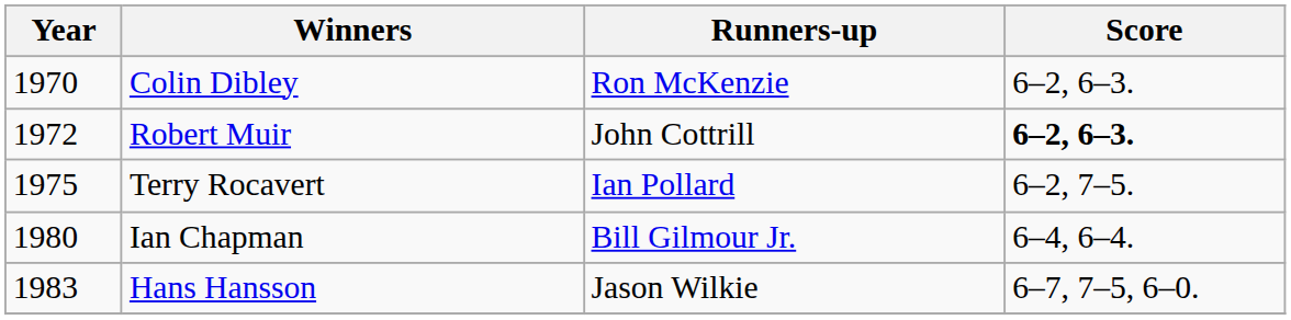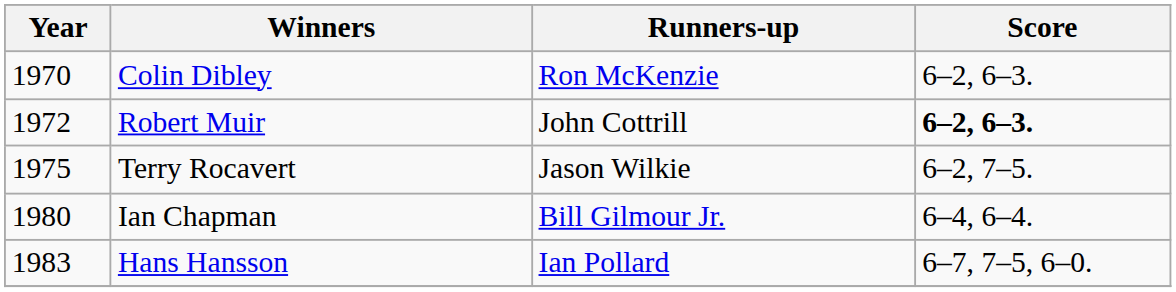 <table class="wikitable">
 <tr>
 <th style="width:50px">Year</th>
 <th style="width:220px">Winners</th>
 <th style="width:200px">Runners-up</th>
 <th style="width:130px" class="unsortable">Score</th>
 </tr>
 <tr>
 <td>1970</td>
 <td>  <a href='#'>Colin Dibley</a></td>
 <td> <a href='#'>Ron McKenzie</a></td>
 <td>6–2, 6–3.</td>
 </tr>
 <tr>
 <td>1972</td>
 <td>  <a href='#'>Robert Muir</a></td>
 <td> John Cottrill</td>
 <td><strong>6–2, 6–3.</strong></td>
 </tr>
 <tr>
 <td>1975</td>
 <td> Terry Rocavert</td>
-<td> <a href='#'>Ian Pollard</a></td>
+<td> Jason Wilkie</td>
 <td>6–2, 7–5.</td>
 </tr>
 <tr>
 <td>1980</td>
 <td> Ian Chapman</td>
 <td> <a href='#'>Bill Gilmour Jr.</a></td>
 <td>6–4, 6–4.</td>
 </tr>
 <tr>
 <td>1983</td>
 <td> <a href='#'>Hans Hansson</a></td>
-<td> Jason Wilkie</td>
+<td> <a href='#'>Ian Pollard</a></td>
 <td>6–7, 7–5, 6–0.</td>
 </tr>
 <tr>
 </tr>
 </table>
